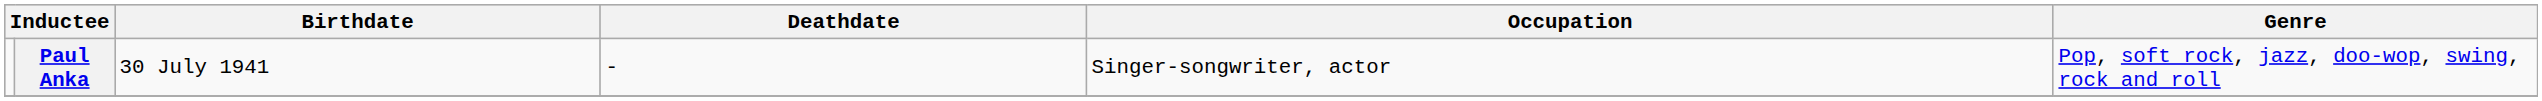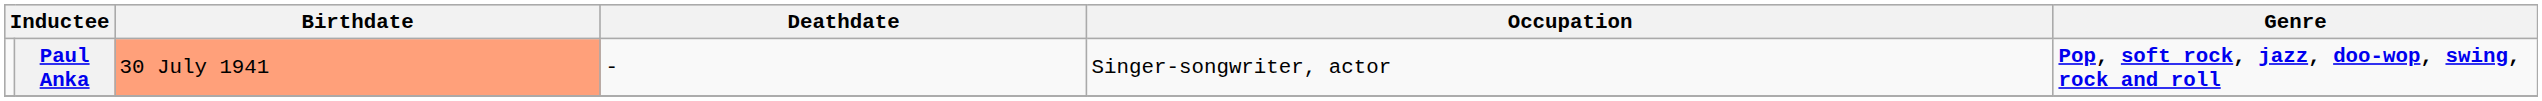 <table class="wikitable" width="100%">
 <tr>
 <th colspan=2>Inductee</th>
 <th width="20%">Birthdate</th>
 <th width="20%">Deathdate</th>
 <th width="40%">Occupation</th>
 <th width="40%">Genre</th>
 </tr>
 <tr>
 <td></td>
 <th><a href='#'>Paul Anka</a></th>
-<td>30 July 1941</td>
+<td style="background: lightsalmon;">30 July 1941</td>
 <td>-</td>
 <td>Singer-songwriter, actor</td>
-<td><a href='#'>Pop</a>, <a href='#'>soft rock</a>, <a href='#'>jazz</a>, <a href='#'>doo-wop</a>, <a href='#'>swing</a>, <a href='#'>rock and roll</a></td>
+<td><strong><a href='#'>Pop</a>, <a href='#'>soft rock</a>, <a href='#'>jazz</a>, <a href='#'>doo-wop</a>, <a href='#'>swing</a>, <a href='#'>rock and roll</a></strong></td>
 </tr>
 <tr>
 </tr>
 </table>
